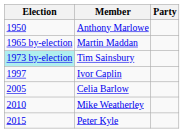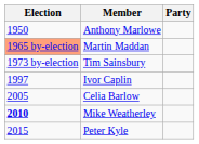 <table class="wikitable">
 <tr>
 <th>Election</th>
 <th>Member</th>
 <th colspan="2">Party</th>
 </tr>
 <tr>
 <td><a href='#'>1950</a></td>
 <td><a href='#'>Anthony Marlowe</a></td>
 <td></td>
 </tr>
 <tr>
-<td><a href='#'>1965 by-election</a></td>
+<td style="background: lightsalmon;"><a href='#'>1965 by-election</a></td>
 <td><a href='#'>Martin Maddan</a></td>
 <td></td>
 </tr>
 <tr>
-<td style="background: paleturquoise;"><a href='#'>1973 by-election</a></td>
+<td><a href='#'>1973 by-election</a></td>
 <td><a href='#'>Tim Sainsbury</a></td>
 <td></td>
 </tr>
 <tr>
 <td><a href='#'>1997</a></td>
 <td><a href='#'>Ivor Caplin</a></td>
 <td></td>
 </tr>
 <tr>
 <td><a href='#'>2005</a></td>
 <td><a href='#'>Celia Barlow</a></td>
 <td></td>
 </tr>
 <tr>
-<td><a href='#'>2010</a></td>
+<td><strong><a href='#'>2010</a></strong></td>
 <td><a href='#'>Mike Weatherley</a></td>
 <td></td>
 </tr>
 <tr>
 <td><a href='#'>2015</a></td>
 <td><a href='#'>Peter Kyle</a></td>
 <td></td>
 </tr>
 </table>
